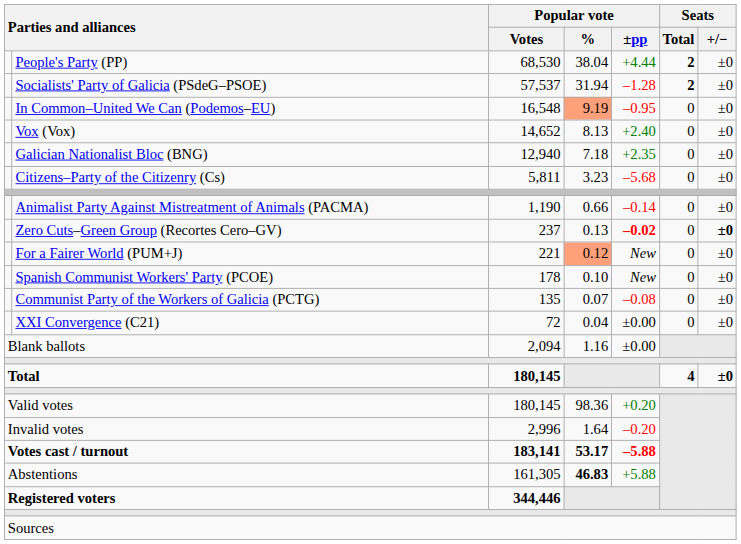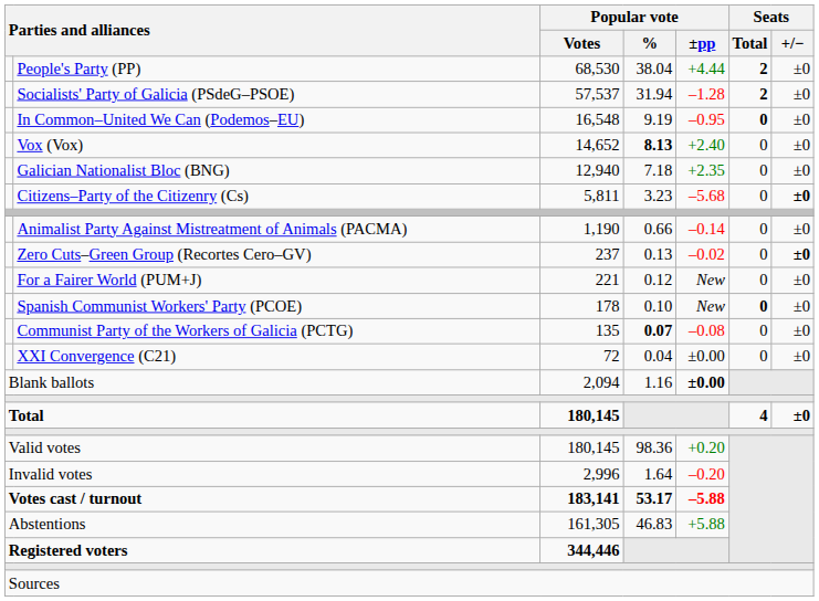 <table class="wikitable" style="text-align:right;">
 <tr>
 <th style="text-align:left;" rowspan="2" colspan="2" width="525">Parties and alliances</th>
 <th colspan="3">Popular vote</th>
 <th colspan="2">Seats</th>
 </tr>
 <tr>
 <th width="75">Votes</th>
 <th width="45">%</th>
 <th width="45">±<a href='#'>pp</a></th>
 <th width="35">Total</th>
 <th width="35">+/−</th>
 </tr>
 <tr>
 <td width="1" style="color:inherit;background:"></td>
 <td align="left"><a href='#'>People's Party</a> (PP)</td>
 <td>68,530</td>
 <td>38.04</td>
 <td style="color:green;">+4.44</td>
 <td><strong>2</strong></td>
 <td>±0</td>
 </tr>
 <tr>
 <td style="color:inherit;background:"></td>
 <td align="left"><a href='#'>Socialists' Party of Galicia</a> (PSdeG–PSOE)</td>
 <td>57,537</td>
 <td>31.94</td>
 <td style="color:red;">–1.28</td>
 <td><strong>2</strong></td>
 <td>±0</td>
 </tr>
 <tr>
 <td style="color:inherit;background:"></td>
 <td align="left"><a href='#'>In Common–United We Can</a> (<a href='#'>Podemos</a>–<a href='#'>EU</a>)</td>
 <td>16,548</td>
-<td style="background: lightsalmon;">9.19</td>
+<td>9.19</td>
 <td style="color:red;">–0.95</td>
-<td>0</td>
+<td><strong>0</strong></td>
 <td>±0</td>
 </tr>
 <tr>
 <td style="color:inherit;background:"></td>
 <td align="left"><a href='#'>Vox</a> (Vox)</td>
 <td>14,652</td>
-<td>8.13</td>
+<td><strong>8.13</strong></td>
 <td style="color:green;">+2.40</td>
 <td>0</td>
 <td>±0</td>
 </tr>
 <tr>
 <td style="color:inherit;background:"></td>
 <td align="left"><a href='#'>Galician Nationalist Bloc</a> (BNG)</td>
 <td>12,940</td>
 <td>7.18</td>
 <td style="color:green;">+2.35</td>
 <td>0</td>
 <td>±0</td>
 </tr>
 <tr>
 <td style="color:inherit;background:"></td>
 <td align="left"><a href='#'>Citizens–Party of the Citizenry</a> (Cs)</td>
 <td>5,811</td>
 <td>3.23</td>
 <td style="color:red;">–5.68</td>
 <td>0</td>
-<td>±0</td>
+<td><strong>±0</strong></td>
 </tr>
 <tr>
 <td colspan="7" bgcolor="#C0C0C0"></td>
 </tr>
 <tr>
 <td style="color:inherit;background:"></td>
 <td align="left"><a href='#'>Animalist Party Against Mistreatment of Animals</a> (PACMA)</td>
 <td>1,190</td>
 <td>0.66</td>
 <td style="color:red;">–0.14</td>
 <td>0</td>
 <td>±0</td>
 </tr>
 <tr>
 <td style="color:inherit;background:"></td>
 <td align="left"><a href='#'>Zero Cuts</a>–<a href='#'>Green Group</a> (Recortes Cero–GV)</td>
 <td>237</td>
 <td>0.13</td>
-<td style="color:red;"><strong>–0.02</strong></td>
+<td style="color:red;">–0.02</td>
 <td>0</td>
 <td><strong>±0</strong></td>
 </tr>
 <tr>
 <td style="color:inherit;background:"></td>
 <td align="left"><a href='#'>For a Fairer World</a> (PUM+J)</td>
 <td>221</td>
-<td style="background: lightsalmon;">0.12</td>
+<td>0.12</td>
 <td><em>New</em></td>
 <td>0</td>
 <td>±0</td>
 </tr>
 <tr>
 <td style="color:inherit;background:"></td>
 <td align="left"><a href='#'>Spanish Communist Workers' Party</a> (PCOE)</td>
 <td>178</td>
 <td>0.10</td>
 <td><em>New</em></td>
-<td>0</td>
+<td><strong>0</strong></td>
 <td>±0</td>
 </tr>
 <tr>
 <td style="color:inherit;background:"></td>
 <td align="left"><a href='#'>Communist Party of the Workers of Galicia</a> (PCTG)</td>
 <td>135</td>
-<td>0.07</td>
+<td><strong>0.07</strong></td>
 <td style="color:red;">–0.08</td>
 <td>0</td>
 <td>±0</td>
 </tr>
 <tr>
 <td style="color:inherit;background:"></td>
 <td align="left"><a href='#'>XXI Convergence</a> (C21)</td>
 <td>72</td>
 <td>0.04</td>
 <td>±0.00</td>
 <td>0</td>
 <td>±0</td>
 </tr>
 <tr>
 <td align="left" colspan="2">Blank ballots</td>
 <td>2,094</td>
 <td>1.16</td>
-<td>±0.00</td>
+<td><strong>±0.00</strong></td>
 <td bgcolor="#E9E9E9" colspan="2"></td>
 </tr>
 <tr>
 <td colspan="7" bgcolor="#E9E9E9"></td>
 </tr>
 <tr style="font-weight:bold;">
 <td align="left" colspan="2">Total</td>
 <td>180,145</td>
 <td bgcolor="#E9E9E9" colspan="2"></td>
 <td>4</td>
 <td>±0</td>
 </tr>
 <tr>
 <td colspan="7" bgcolor="#E9E9E9"></td>
 </tr>
 <tr>
 <td align="left" colspan="2">Valid votes</td>
 <td>180,145</td>
 <td>98.36</td>
 <td style="color:green;">+0.20</td>
 <td bgcolor="#E9E9E9" colspan="2" rowspan="5"></td>
 </tr>
 <tr>
 <td align="left" colspan="2">Invalid votes</td>
 <td>2,996</td>
 <td>1.64</td>
 <td style="color:red;">–0.20</td>
 </tr>
 <tr style="font-weight:bold;">
 <td align="left" colspan="2">Votes cast / turnout</td>
 <td>183,141</td>
 <td>53.17</td>
 <td style="color:red;">–5.88</td>
 </tr>
 <tr>
 <td align="left" colspan="2">Abstentions</td>
 <td>161,305</td>
-<td><strong>46.83</strong></td>
+<td>46.83</td>
 <td style="color:green;">+5.88</td>
 </tr>
 <tr style="font-weight:bold;">
 <td align="left" colspan="2">Registered voters</td>
 <td>344,446</td>
 <td bgcolor="#E9E9E9" colspan="2"></td>
 </tr>
 <tr>
 <td colspan="7" bgcolor="#E9E9E9"></td>
 </tr>
 <tr>
 <td align="left" colspan="7">Sources</td>
 </tr>
 </table>
